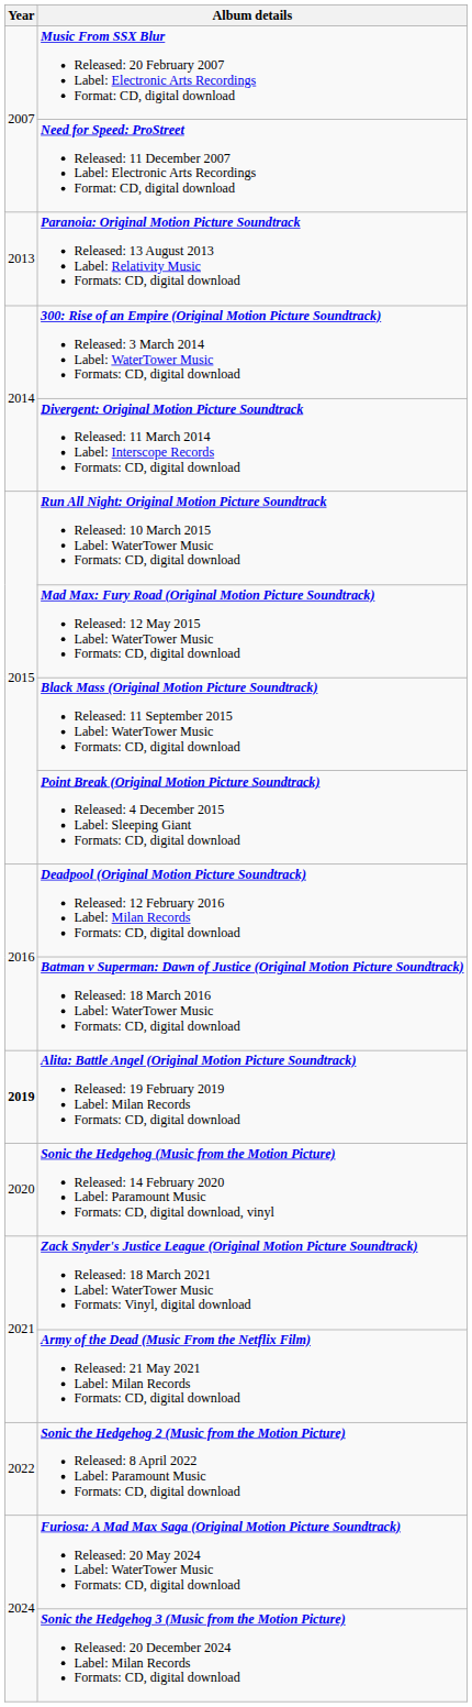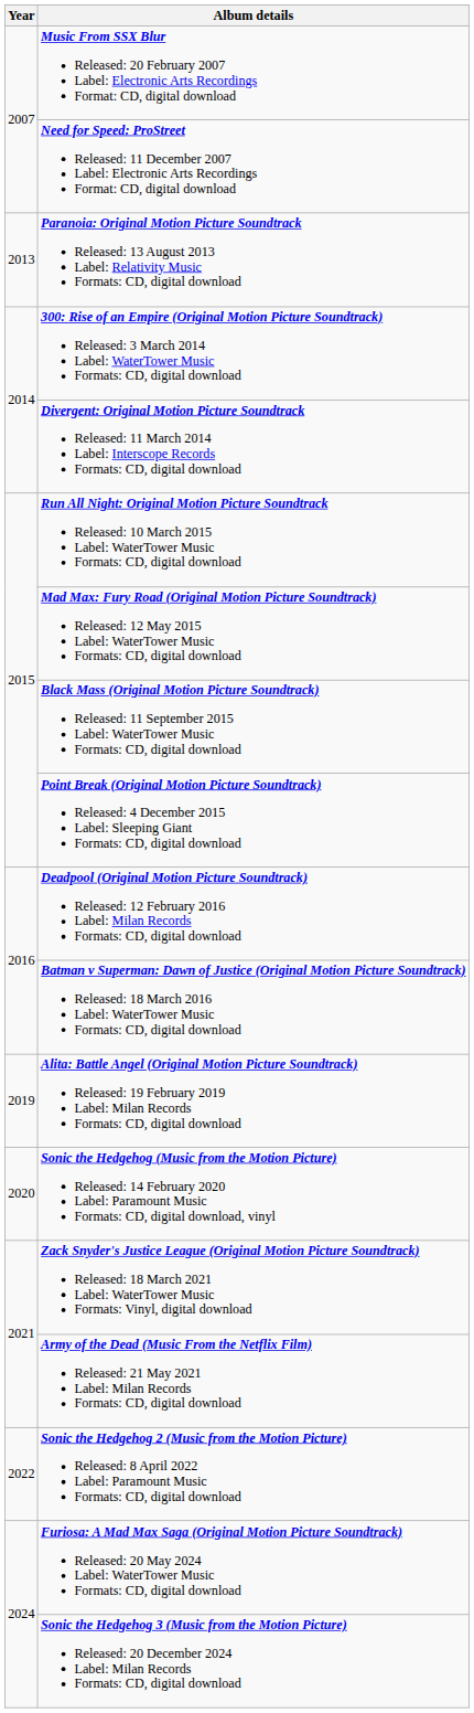 <table class="wikitable plainrowheaders" style="text-align:center;">
 <tr>
 <th>Year</th>
 <th>Album details</th>
 </tr>
 <tr>
 <td rowspan="2">2007</td>
 <td align="left"><strong><em><a href='#'>Music From SSX Blur</a></em></strong><br><ul><li>Released: 20 February 2007</li><li>Label: <a href='#'>Electronic Arts Recordings</a></li><li>Format: CD, digital download</li></ul></td>
 </tr>
 <tr>
 <td align="left"><strong><em><a href='#'>Need for Speed: ProStreet</a></em></strong><br><ul><li>Released: 11 December 2007</li><li>Label: Electronic Arts Recordings</li><li>Format: CD, digital download</li></ul></td>
 </tr>
 <tr>
 <td>2013</td>
 <td align="left"><strong><em><a href='#'>Paranoia: Original Motion Picture Soundtrack</a></em></strong><br><ul><li>Released: 13 August 2013</li><li>Label: <a href='#'>Relativity Music</a></li><li>Formats: CD, digital download</li></ul></td>
 </tr>
 <tr>
 <td rowspan="2">2014</td>
 <td align="left"><strong><em><a href='#'>300: Rise of an Empire (Original Motion Picture Soundtrack)</a></em></strong><br><ul><li>Released: 3 March 2014</li><li>Label: <a href='#'>WaterTower Music</a></li><li>Formats: CD, digital download</li></ul></td>
 </tr>
 <tr>
 <td align="left"><strong><em><a href='#'>Divergent: Original Motion Picture Soundtrack</a></em></strong><br><ul><li>Released: 11 March 2014</li><li>Label: <a href='#'>Interscope Records</a></li><li>Formats: CD, digital download</li></ul></td>
 </tr>
 <tr>
 <td rowspan="4">2015</td>
 <td align="left"><strong><em><a href='#'>Run All Night: Original Motion Picture Soundtrack</a></em></strong><br><ul><li>Released: 10 March 2015</li><li>Label: WaterTower Music</li><li>Formats: CD, digital download</li></ul></td>
 </tr>
 <tr>
 <td align="left"><strong><em><a href='#'>Mad Max: Fury Road (Original Motion Picture Soundtrack)</a></em></strong><br><ul><li>Released: 12 May 2015</li><li>Label: WaterTower Music</li><li>Formats: CD, digital download</li></ul></td>
 </tr>
 <tr>
 <td align="left"><strong><em><a href='#'>Black Mass (Original Motion Picture Soundtrack)</a></em></strong><br><ul><li>Released: 11 September 2015</li><li>Label: WaterTower Music</li><li>Formats: CD, digital download</li></ul></td>
 </tr>
 <tr>
 <td align="left"><strong><em><a href='#'>Point Break (Original Motion Picture Soundtrack)</a></em></strong><br><ul><li>Released: 4 December 2015</li><li>Label: Sleeping Giant</li><li>Formats: CD, digital download</li></ul></td>
 </tr>
 <tr>
 <td rowspan="2">2016</td>
 <td align="left"><strong><em><a href='#'>Deadpool (Original Motion Picture Soundtrack)</a></em></strong><br><ul><li>Released: 12 February 2016</li><li>Label: <a href='#'>Milan Records</a></li><li>Formats: CD, digital download</li></ul></td>
 </tr>
 <tr>
 <td align="left"><strong><em><a href='#'>Batman v Superman: Dawn of Justice (Original Motion Picture Soundtrack)</a></em></strong><br><ul><li>Released: 18 March 2016</li><li>Label: WaterTower Music</li><li>Formats: CD, digital download</li></ul></td>
 </tr>
 <tr>
-<td><strong>2019</strong></td>
+<td>2019</td>
 <td align="left"><strong><em><a href='#'>Alita: Battle Angel (Original Motion Picture Soundtrack)</a></em></strong><br><ul><li>Released: 19 February 2019</li><li>Label: Milan Records</li><li>Formats: CD, digital download</li></ul></td>
 </tr>
 <tr>
 <td>2020</td>
 <td align="left"><strong><em><a href='#'>Sonic the Hedgehog (Music from the Motion Picture)</a></em></strong><br><ul><li>Released: 14 February 2020</li><li>Label: Paramount Music</li><li>Formats: CD, digital download, vinyl</li></ul></td>
 </tr>
 <tr>
 <td rowspan="2">2021</td>
 <td align="left"><strong><em><a href='#'>Zack Snyder's Justice League (Original Motion Picture Soundtrack)</a></em></strong><br><ul><li>Released: 18 March 2021</li><li>Label: WaterTower Music</li><li>Formats: Vinyl, digital download</li></ul></td>
 </tr>
 <tr>
 <td align="left"><strong><em><a href='#'>Army of the Dead (Music From the Netflix Film)</a></em></strong><br><ul><li>Released: 21 May 2021</li><li>Label: Milan Records</li><li>Formats: CD, digital download</li></ul></td>
 </tr>
 <tr>
 <td>2022</td>
 <td align="left"><strong><em><a href='#'>Sonic the Hedgehog 2 (Music from the Motion Picture)</a></em></strong><br><ul><li>Released: 8 April 2022</li><li>Label: Paramount Music</li><li>Formats: CD, digital download</li></ul></td>
 </tr>
 <tr>
 <td rowspan="2">2024</td>
 <td align="left"><strong><em><a href='#'>Furiosa: A Mad Max Saga (Original Motion Picture Soundtrack)</a></em></strong><br><ul><li>Released: 20 May 2024</li><li>Label: WaterTower Music</li><li>Formats: CD, digital download</li></ul></td>
 </tr>
 <tr>
 <td align="left"><strong><em><a href='#'>Sonic the Hedgehog 3 (Music from the Motion Picture)</a></em></strong><br><ul><li>Released: 20 December 2024</li><li>Label: Milan Records</li><li>Formats: CD, digital download</li></ul></td>
 </tr>
 </table>
